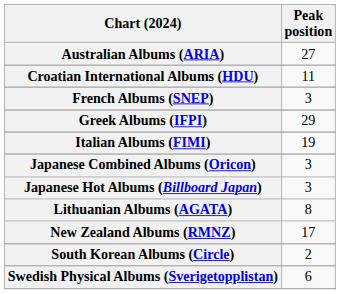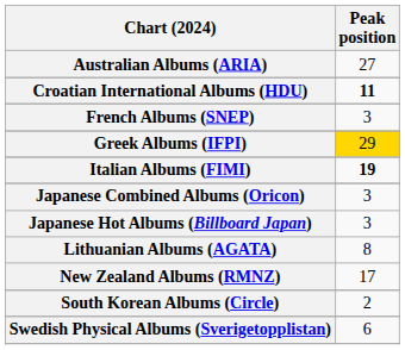 <table class="wikitable sortable plainrowheaders" style="text-align:center">
 <tr>
 <th scope="col">Chart (2024)</th>
 <th scope="col">Peak<br>position</th>
 </tr>
 <tr>
 <th scope="row">Australian Albums (<a href='#'>ARIA</a>)</th>
 <td>27</td>
 </tr>
 <tr>
 </tr>
 <tr>
 </tr>
 <tr>
 </tr>
 <tr>
 </tr>
 <tr>
 <th scope="row">Croatian International Albums (<a href='#'>HDU</a>)</th>
-<td>11</td>
+<td><strong>11</strong></td>
 </tr>
 <tr>
 </tr>
 <tr>
 </tr>
 <tr>
 <th scope="row">French Albums (<a href='#'>SNEP</a>)</th>
 <td>3</td>
 </tr>
 <tr>
 </tr>
 <tr>
 <th scope="row">Greek Albums (<a href='#'>IFPI</a>)</th>
-<td>29</td>
+<td style="background: gold;">29</td>
 </tr>
 <tr>
 </tr>
 <tr>
 <th scope="row">Italian Albums (<a href='#'>FIMI</a>)</th>
-<td>19</td>
+<td><strong>19</strong></td>
 </tr>
 <tr>
 </tr>
 <tr>
 <th scope="row">Japanese Combined Albums (<a href='#'>Oricon</a>)</th>
 <td>3</td>
 </tr>
 <tr>
 <th scope="row">Japanese Hot Albums (<em><a href='#'>Billboard Japan</a></em>)</th>
 <td>3</td>
 </tr>
 <tr>
 <th scope="row">Lithuanian Albums (<a href='#'>AGATA</a>)</th>
 <td>8</td>
 </tr>
 <tr>
 <th scope="row">New Zealand Albums (<a href='#'>RMNZ</a>)</th>
 <td>17</td>
 </tr>
 <tr>
 </tr>
 <tr>
 </tr>
 <tr>
 <th scope="row">South Korean Albums (<a href='#'>Circle</a>)</th>
 <td>2</td>
 </tr>
 <tr>
 </tr>
 <tr>
 <th scope="row">Swedish Physical Albums (<a href='#'>Sverigetopplistan</a>)</th>
 <td>6</td>
 </tr>
 <tr>
 </tr>
 <tr>
 </tr>
 <tr>
 </tr>
 <tr>
 </tr>
 </table>
